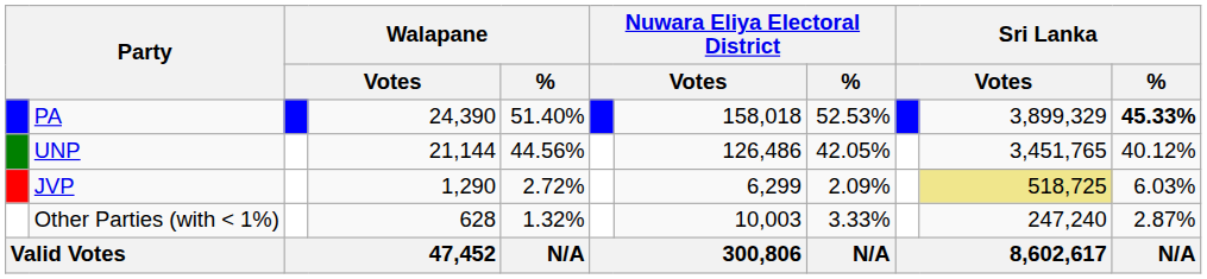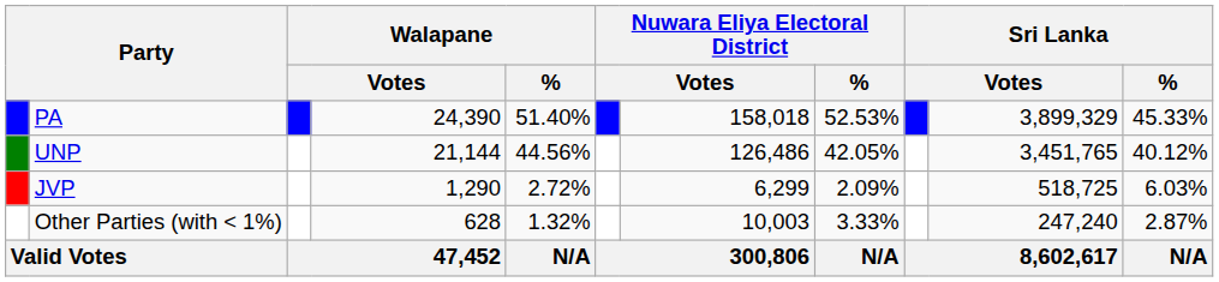 <table class="wikitable">
 <tr>
 <th colspan="2" width="144px"rowspan="2">Party</th>
 <th colspan="3" width="216px">Walapane</th>
 <th colspan="3" width="216px"><a href='#'>Nuwara Eliya Electoral District</a></th>
 <th colspan="3" width="216px">Sri Lanka</th>
 </tr>
 <tr>
 <th colspan="2" width="144px">Votes</th>
 <th>%</th>
 <th colspan="2" width="144px">Votes</th>
 <th>%</th>
 <th colspan="2" width="144px">Votes</th>
 <th>%</th>
 </tr>
 <tr>
 <td style="background-color:blue;" width="10px"></td>
 <td style="text-align:left;"><a href='#'>PA</a></td>
 <td style="background-color:blue;" width="10px"></td>
 <td style="text-align:right;">24,390</td>
 <td style="text-align:right;">51.40%</td>
 <td style="background-color:blue;" width="10px"></td>
 <td style="text-align:right;">158,018</td>
 <td style="text-align:right;">52.53%</td>
 <td style="background-color:blue;" width="10px"></td>
 <td style="text-align:right;">3,899,329</td>
-<td style="text-align:right;"><strong>45.33%</strong></td>
+<td style="text-align:right;">45.33%</td>
 </tr>
 <tr>
 <td style="background-color:green;" width="10px"></td>
 <td style="text-align:left;"><a href='#'>UNP</a></td>
 <td style="background-color:white;" width="10px"></td>
 <td style="text-align:right;">21,144</td>
 <td style="text-align:right;">44.56%</td>
 <td style="background-color:white;" width="10px"></td>
 <td style="text-align:right;">126,486</td>
 <td style="text-align:right;">42.05%</td>
 <td style="background-color:white;" width="10px"></td>
 <td style="text-align:right;">3,451,765</td>
 <td style="text-align:right;">40.12%</td>
 </tr>
 <tr>
 <td style="background-color:red;" width="10px"></td>
 <td style="text-align:left;"><a href='#'>JVP</a></td>
 <td style="background-color:white;" width="10px"></td>
 <td style="text-align:right;">1,290</td>
 <td style="text-align:right;">2.72%</td>
 <td style="background-color:white;" width="10px"></td>
 <td style="text-align:right;">6,299</td>
 <td style="text-align:right;">2.09%</td>
 <td style="background-color:white;" width="10px"></td>
-<td style="background: khaki; text-align:right;">518,725</td>
+<td style="text-align:right;">518,725</td>
 <td style="text-align:right;">6.03%</td>
 </tr>
 <tr>
 <td style="background-color:white;" width="10px"></td>
 <td style="text-align:left;">Other Parties (with < 1%)</td>
 <td style="background-color:white;" width="10px"></td>
 <td style="text-align:right;">628</td>
 <td style="text-align:right;">1.32%</td>
 <td style="background-color:white;" width="10px"></td>
 <td style="text-align:right;">10,003</td>
 <td style="text-align:right;">3.33%</td>
 <td style="background-color:white;" width="10px"></td>
 <td style="text-align:right;">247,240</td>
 <td style="text-align:right;">2.87%</td>
 </tr>
 <tr>
 <th colspan="2" width="144px"style="text-align:left;">Valid Votes</th>
 <th style="text-align:right;"colspan="2" width="144px">47,452</th>
 <th style="text-align:right;">N/A</th>
 <th style="text-align:right;"colspan="2" width="144px">300,806</th>
 <th style="text-align:right;">N/A</th>
 <th style="text-align:right;"colspan="2" width="144px">8,602,617</th>
 <th style="text-align:right;">N/A</th>
 </tr>
 </table>
